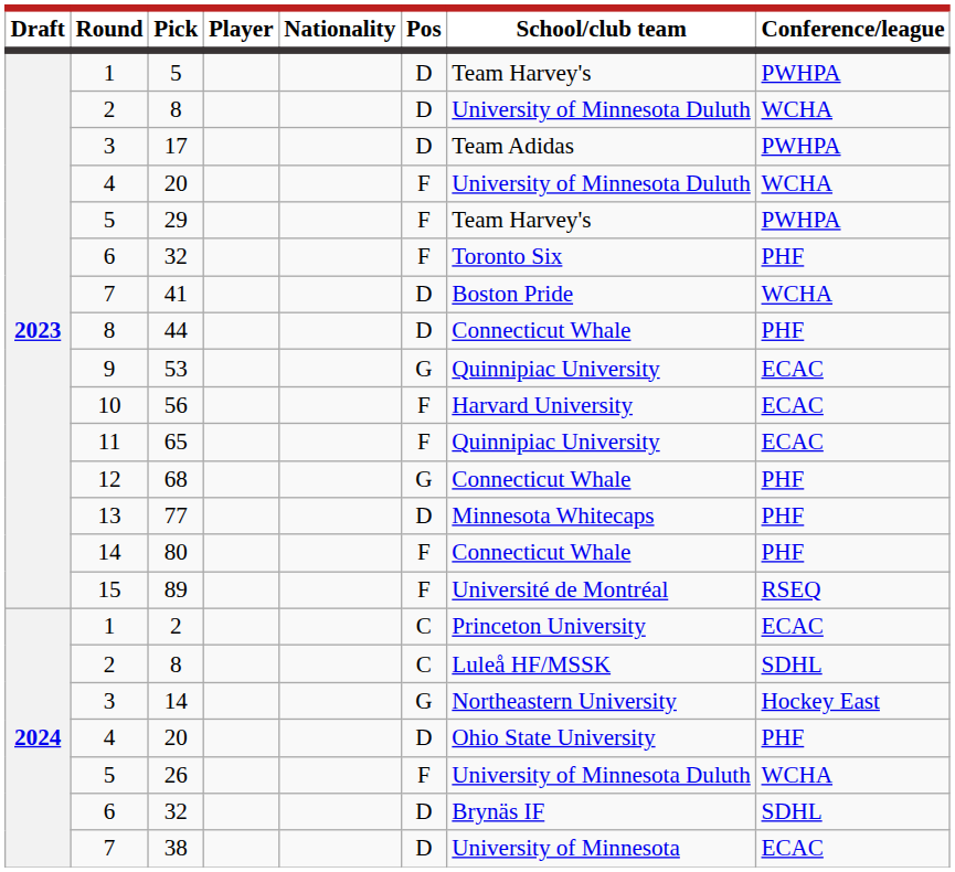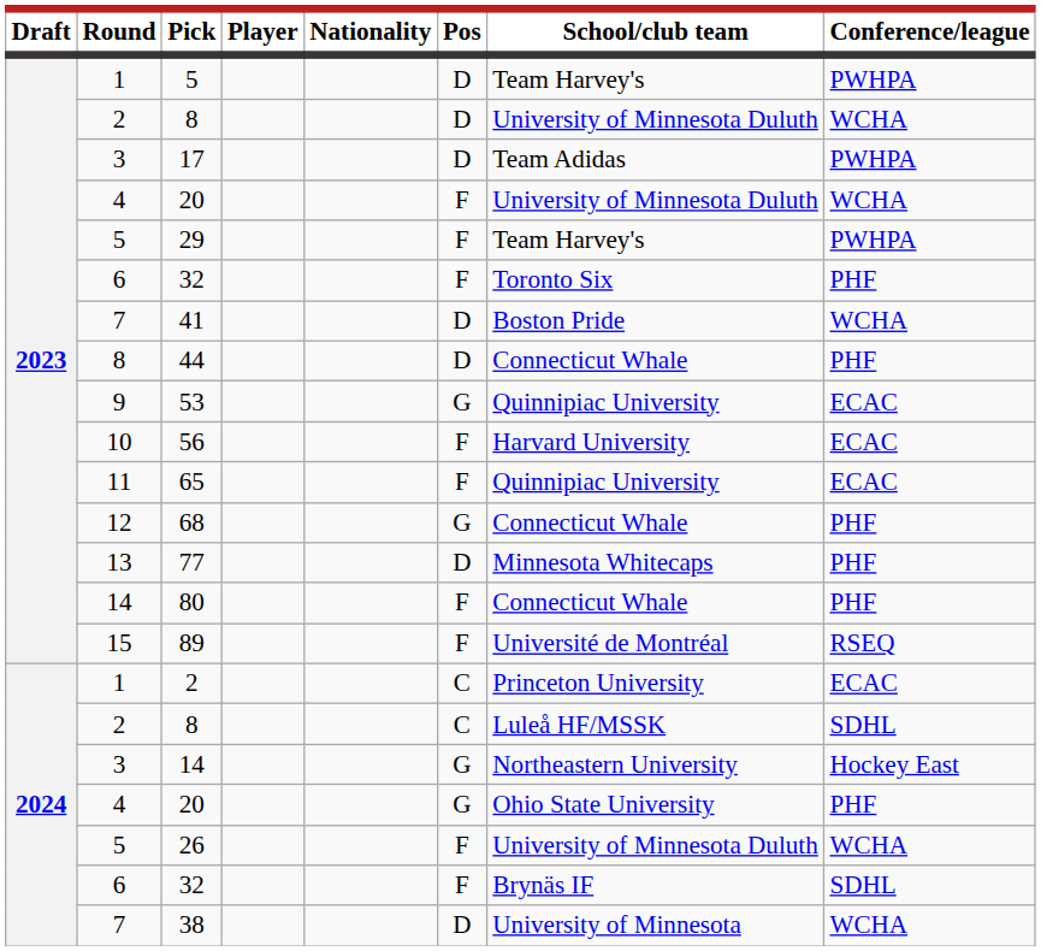 <table class="wikitable sortable plainrowheaders" style="text-align:center;">
 <tr style="background-color:#fff; border-top:#BC1F1E 5px solid; border-bottom:#383334 5px solid;">
 <th style="background-color:#fff;" scope="col">Draft</th>
 <th style="background-color:#fff;" scope="col" data-sort-type="number">Round</th>
 <th style="background-color:#fff;" scope="col" data-sort-type="number">Pick</th>
 <th style="background-color:#fff;" scope="col">Player</th>
 <th style="background-color:#fff;" scope="col">Nationality</th>
 <th style="background-color:#fff;" scope="col">Pos</th>
 <th style="background-color:#fff;" scope="col;">School/club team</th>
 <th style="background-color:#fff;" scope="col">Conference/league</th>
 </tr>
 <tr>
 <th scope="rowgroup" rowspan="15"><a href='#'>2023</a></th>
 <td>1</td>
 <td>5</td>
 <td align="left"></td>
 <td align="left"></td>
 <td>D</td>
 <td align="left">Team Harvey's</td>
 <td align="left"><a href='#'>PWHPA</a></td>
 </tr>
 <tr>
 <td>2</td>
 <td>8</td>
 <td align="left"></td>
 <td align="left"></td>
 <td>D</td>
 <td align="left"><a href='#'>University of Minnesota Duluth</a></td>
 <td align="left"><a href='#'>WCHA</a></td>
 </tr>
 <tr>
 <td>3</td>
 <td>17</td>
 <td align="left"></td>
 <td align="left"></td>
 <td>D</td>
 <td align="left">Team Adidas</td>
 <td align="left"><a href='#'>PWHPA</a></td>
 </tr>
 <tr>
 <td>4</td>
 <td>20</td>
 <td align="left"></td>
 <td align="left"></td>
 <td>F</td>
 <td align="left"><a href='#'>University of Minnesota Duluth</a></td>
 <td align="left"><a href='#'>WCHA</a></td>
 </tr>
 <tr>
 <td>5</td>
 <td>29</td>
 <td align="left"></td>
 <td align="left"></td>
 <td>F</td>
 <td align="left">Team Harvey's</td>
 <td align="left"><a href='#'>PWHPA</a></td>
 </tr>
 <tr>
 <td>6</td>
 <td>32</td>
 <td align="left"></td>
 <td align="left"></td>
 <td>F</td>
 <td align="left"><a href='#'>Toronto Six</a></td>
 <td align="left"><a href='#'>PHF</a></td>
 </tr>
 <tr>
 <td>7</td>
 <td>41</td>
 <td align="left"></td>
 <td align="left"></td>
 <td>D</td>
 <td align="left"><a href='#'>Boston Pride</a></td>
 <td align="left"><a href='#'>WCHA</a></td>
 </tr>
 <tr>
 <td>8</td>
 <td>44</td>
 <td align="left"></td>
 <td align="left"></td>
 <td>D</td>
 <td align="left"><a href='#'>Connecticut Whale</a></td>
 <td align="left"><a href='#'>PHF</a></td>
 </tr>
 <tr>
 <td>9</td>
 <td>53</td>
 <td align="left"></td>
 <td align="left"></td>
 <td>G</td>
 <td align="left"><a href='#'>Quinnipiac University</a></td>
 <td align="left"><a href='#'>ECAC</a></td>
 </tr>
 <tr>
 <td>10</td>
 <td>56</td>
 <td align="left"></td>
 <td align="left"></td>
 <td>F</td>
 <td align="left"><a href='#'>Harvard University</a></td>
 <td align="left"><a href='#'>ECAC</a></td>
 </tr>
 <tr>
 <td>11</td>
 <td>65</td>
 <td align="left"></td>
 <td align="left"></td>
 <td>F</td>
 <td align="left"><a href='#'>Quinnipiac University</a></td>
 <td align="left"><a href='#'>ECAC</a></td>
 </tr>
 <tr>
 <td>12</td>
 <td>68</td>
 <td align="left"></td>
 <td align="left"></td>
 <td>G</td>
 <td align="left"><a href='#'>Connecticut Whale</a></td>
 <td align="left"><a href='#'>PHF</a></td>
 </tr>
 <tr>
 <td>13</td>
 <td>77</td>
 <td align="left"></td>
 <td align="left"></td>
 <td>D</td>
 <td align="left"><a href='#'>Minnesota Whitecaps</a></td>
 <td align="left"><a href='#'>PHF</a></td>
 </tr>
 <tr>
 <td>14</td>
 <td>80</td>
 <td align="left"></td>
 <td align="left"></td>
 <td>F</td>
 <td align="left"><a href='#'>Connecticut Whale</a></td>
 <td align="left"><a href='#'>PHF</a></td>
 </tr>
 <tr>
 <td>15</td>
 <td>89</td>
 <td align="left"></td>
 <td align="left"></td>
 <td>F</td>
 <td align="left"><a href='#'>Université de Montréal</a></td>
 <td align="left"><a href='#'>RSEQ</a></td>
 </tr>
 <tr>
 <th scope="rowgroup" rowspan="7"><a href='#'>2024</a></th>
 <td>1</td>
 <td>2</td>
 <td align="left"></td>
 <td align="left"></td>
 <td>C</td>
 <td align="left"><a href='#'>Princeton University</a></td>
 <td align="left"><a href='#'>ECAC</a></td>
 </tr>
 <tr>
 <td>2</td>
 <td>8</td>
 <td align="left"></td>
 <td align="left"></td>
 <td>C</td>
 <td align="left"><a href='#'>Luleå HF/MSSK</a></td>
 <td align="left"><a href='#'>SDHL</a></td>
 </tr>
 <tr>
 <td>3</td>
 <td>14</td>
 <td align="left"></td>
 <td align="left"></td>
 <td>G</td>
 <td align="left"><a href='#'>Northeastern University</a></td>
 <td align="left"><a href='#'>Hockey East</a></td>
 </tr>
 <tr>
 <td>4</td>
 <td>20</td>
 <td align="left"></td>
 <td align="left"></td>
-<td>D</td>
+<td>G</td>
 <td align="left"><a href='#'>Ohio State University</a></td>
 <td align="left"><a href='#'>PHF</a></td>
 </tr>
 <tr>
 <td>5</td>
 <td>26</td>
 <td align="left"></td>
 <td align="left"></td>
 <td>F</td>
 <td align="left"><a href='#'>University of Minnesota Duluth</a></td>
 <td align="left"><a href='#'>WCHA</a></td>
 </tr>
 <tr>
 <td>6</td>
 <td>32</td>
 <td align="left"></td>
 <td align="left"></td>
-<td>D</td>
+<td>F</td>
 <td align="left"><a href='#'>Brynäs IF</a></td>
 <td align="left"><a href='#'>SDHL</a></td>
 </tr>
 <tr>
 <td>7</td>
 <td>38</td>
 <td align="left"></td>
 <td align="left"></td>
 <td>D</td>
 <td align="left"><a href='#'>University of Minnesota</a></td>
-<td align="left"><a href='#'>ECAC</a></td>
+<td align="left"><a href='#'>WCHA</a></td>
 </tr>
 </table>
